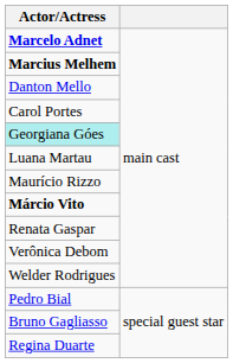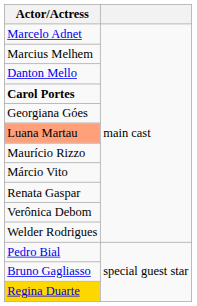 <table class="wikitable">
 <tr>
 <th>Actor/Actress</th>
 <th></th>
 </tr>
 <tr>
-<td><strong><a href='#'>Marcelo Adnet</a></strong></td>
+<td><a href='#'>Marcelo Adnet</a></td>
 <td rowspan="11">main cast</td>
 </tr>
 <tr>
-<td><strong>Marcius Melhem</strong></td>
+<td>Marcius Melhem</td>
 </tr>
 <tr>
 <td><a href='#'>Danton Mello</a></td>
 </tr>
 <tr>
-<td>Carol Portes</td>
+<td><strong>Carol Portes</strong></td>
 </tr>
 <tr>
-<td style="background: paleturquoise;">Georgiana Góes</td>
+<td>Georgiana Góes</td>
 </tr>
 <tr>
-<td>Luana Martau</td>
+<td style="background: lightsalmon;">Luana Martau</td>
 </tr>
 <tr>
 <td>Maurício Rizzo</td>
 </tr>
 <tr>
-<td><strong>Márcio Vito</strong></td>
+<td>Márcio Vito</td>
 </tr>
 <tr>
 <td>Renata Gaspar</td>
 </tr>
 <tr>
 <td>Verônica Debom</td>
 </tr>
 <tr>
 <td>Welder Rodrigues</td>
 </tr>
 <tr>
 <td><a href='#'>Pedro Bial</a></td>
 <td rowspan="3">special guest star</td>
 </tr>
 <tr>
 <td><a href='#'>Bruno Gagliasso</a></td>
 </tr>
 <tr>
-<td><a href='#'>Regina Duarte</a></td>
+<td style="background: gold;"><a href='#'>Regina Duarte</a></td>
 </tr>
 </table>
